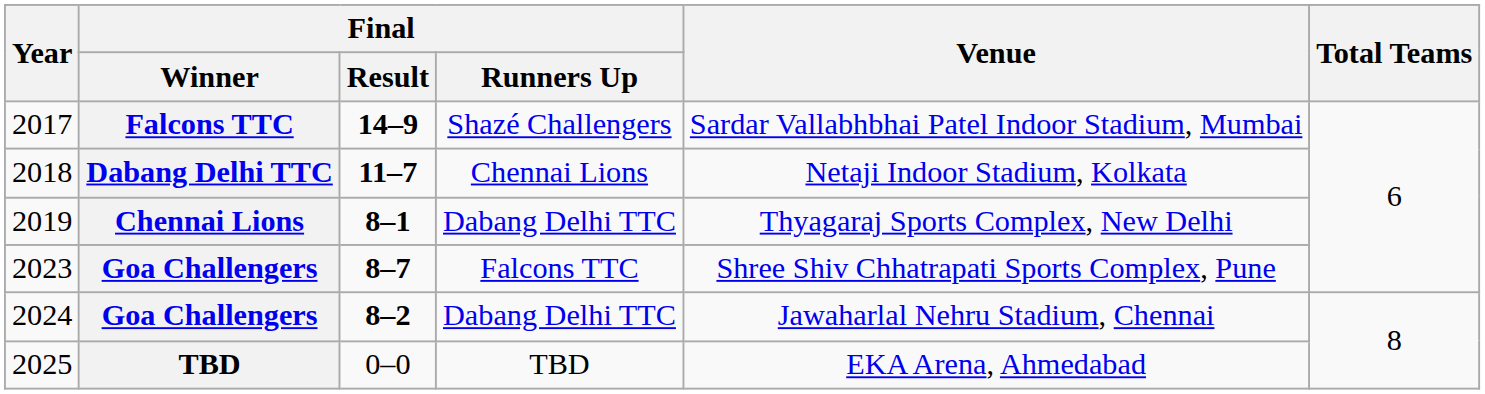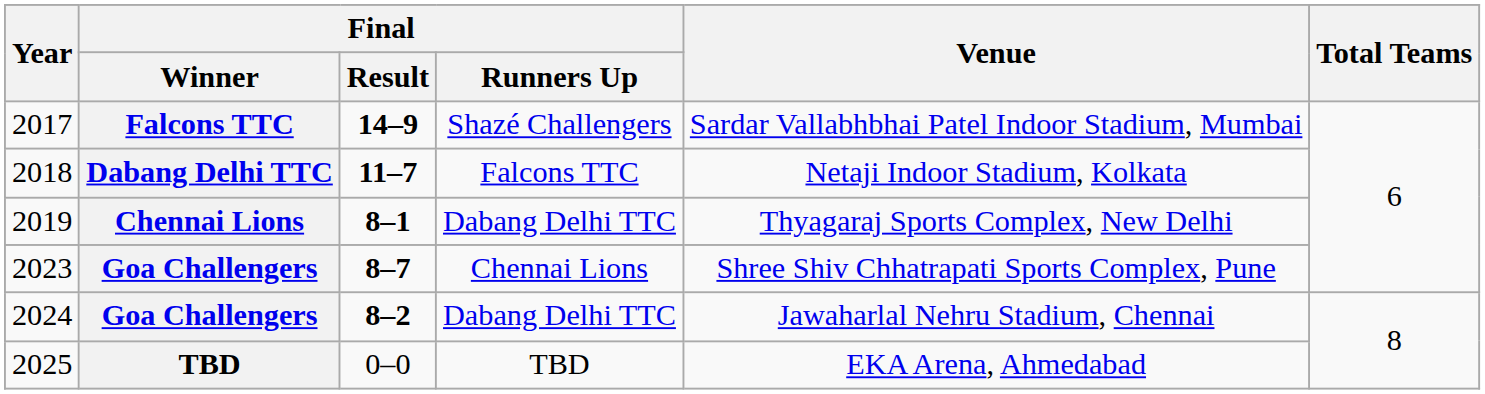 <table class="wikitable" style="text-align:center;">
 <tr>
 <th rowspan=2>Year</th>
 <th colspan=3>Final</th>
 <th rowspan=2>Venue</th>
 <th rowspan=2>Total Teams</th>
 </tr>
 <tr>
 <th>Winner</th>
 <th>Result</th>
 <th>Runners Up</th>
 </tr>
 <tr>
 <td>2017</td>
 <th><a href='#'>Falcons TTC</a></th>
 <td><strong>14–9</strong></td>
 <td><a href='#'>Shazé Challengers</a></td>
 <td><a href='#'>Sardar Vallabhbhai Patel Indoor Stadium</a>, <a href='#'>Mumbai</a></td>
 <td rowspan=4>6</td>
 </tr>
 <tr>
 <td>2018</td>
 <th><a href='#'>Dabang Delhi TTC</a></th>
 <td><strong>11–7</strong></td>
-<td><a href='#'>Chennai Lions</a></td>
+<td><a href='#'>Falcons TTC</a></td>
 <td><a href='#'>Netaji Indoor Stadium</a>, <a href='#'>Kolkata</a></td>
 </tr>
 <tr>
 <td>2019</td>
 <th><a href='#'>Chennai Lions</a></th>
 <td><strong>8–1</strong></td>
 <td><a href='#'>Dabang Delhi TTC</a></td>
 <td><a href='#'>Thyagaraj Sports Complex</a>, <a href='#'>New Delhi</a></td>
 </tr>
 <tr>
 <td>2023</td>
 <th><a href='#'>Goa Challengers</a></th>
 <td><strong>8–7</strong></td>
-<td><a href='#'>Falcons TTC</a></td>
+<td><a href='#'>Chennai Lions</a></td>
 <td><a href='#'>Shree Shiv Chhatrapati Sports Complex</a>, <a href='#'>Pune</a></td>
 </tr>
 <tr>
 <td>2024</td>
 <th><a href='#'>Goa Challengers</a></th>
 <td><strong>8–2</strong></td>
 <td><a href='#'>Dabang Delhi TTC</a></td>
 <td><a href='#'>Jawaharlal Nehru Stadium</a>, <a href='#'>Chennai</a></td>
 <td rowspan=2>8</td>
 </tr>
 <tr>
 <td>2025</td>
 <th>TBD</th>
 <td>0–0</td>
 <td>TBD</td>
 <td><a href='#'>EKA Arena</a>, <a href='#'>Ahmedabad</a></td>
 </tr>
 </table>
